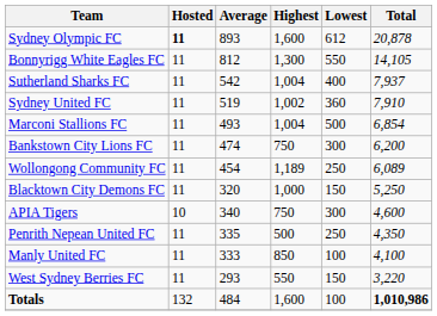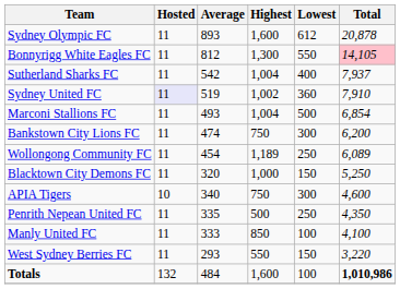 <table class="wikitable">
 <tr>
 <th>Team</th>
 <th>Hosted</th>
 <th>Average</th>
 <th>Highest</th>
 <th>Lowest</th>
 <th>Total</th>
 </tr>
 <tr>
 <td><a href='#'>Sydney Olympic FC</a></td>
-<td><strong>11</strong></td>
+<td>11</td>
 <td>893</td>
 <td>1,600</td>
 <td>612</td>
 <td><em>20,878</em></td>
 </tr>
 <tr>
 <td><a href='#'>Bonnyrigg White Eagles FC</a></td>
 <td>11</td>
 <td>812</td>
 <td>1,300</td>
 <td>550</td>
-<td><em>14,105</em></td>
+<td style="background: pink;"><em>14,105</em></td>
 </tr>
 <tr>
 <td><a href='#'>Sutherland Sharks FC</a></td>
 <td>11</td>
 <td>542</td>
 <td>1,004</td>
 <td>400</td>
 <td><em>7,937</em></td>
 </tr>
 <tr>
 <td><a href='#'>Sydney United FC</a></td>
-<td>11</td>
+<td style="background: lavender;">11</td>
 <td>519</td>
 <td>1,002</td>
 <td>360</td>
 <td><em>7,910</em></td>
 </tr>
 <tr>
 <td><a href='#'>Marconi Stallions FC</a></td>
 <td>11</td>
 <td>493</td>
 <td>1,004</td>
 <td>500</td>
 <td><em>6,854</em></td>
 </tr>
 <tr>
 <td><a href='#'>Bankstown City Lions FC</a></td>
 <td>11</td>
 <td>474</td>
 <td>750</td>
 <td>300</td>
 <td><em>6,200</em></td>
 </tr>
 <tr>
 <td><a href='#'>Wollongong Community FC</a></td>
 <td>11</td>
 <td>454</td>
 <td>1,189</td>
 <td>250</td>
 <td><em>6,089</em></td>
 </tr>
 <tr>
 <td><a href='#'>Blacktown City Demons FC</a></td>
 <td>11</td>
 <td>320</td>
 <td>1,000</td>
 <td>150</td>
 <td><em>5,250</em></td>
 </tr>
 <tr>
 <td><a href='#'>APIA Tigers</a></td>
 <td>10</td>
 <td>340</td>
 <td>750</td>
 <td>300</td>
 <td><em>4,600</em></td>
 </tr>
 <tr>
 <td><a href='#'>Penrith Nepean United FC</a></td>
 <td>11</td>
 <td>335</td>
 <td>500</td>
 <td>250</td>
 <td><em>4,350</em></td>
 </tr>
 <tr>
 <td><a href='#'>Manly United FC</a></td>
 <td>11</td>
 <td>333</td>
 <td>850</td>
 <td>100</td>
 <td><em>4,100</em></td>
 </tr>
 <tr>
 <td><a href='#'>West Sydney Berries FC</a></td>
 <td>11</td>
 <td>293</td>
 <td>550</td>
 <td>150</td>
 <td><em>3,220</em></td>
 </tr>
 <tr>
 <td><strong>Totals</strong></td>
 <td>132</td>
 <td>484</td>
 <td>1,600</td>
 <td>100</td>
 <td><strong>1,010,986</strong></td>
 </tr>
 <tr>
 </tr>
 </table>
